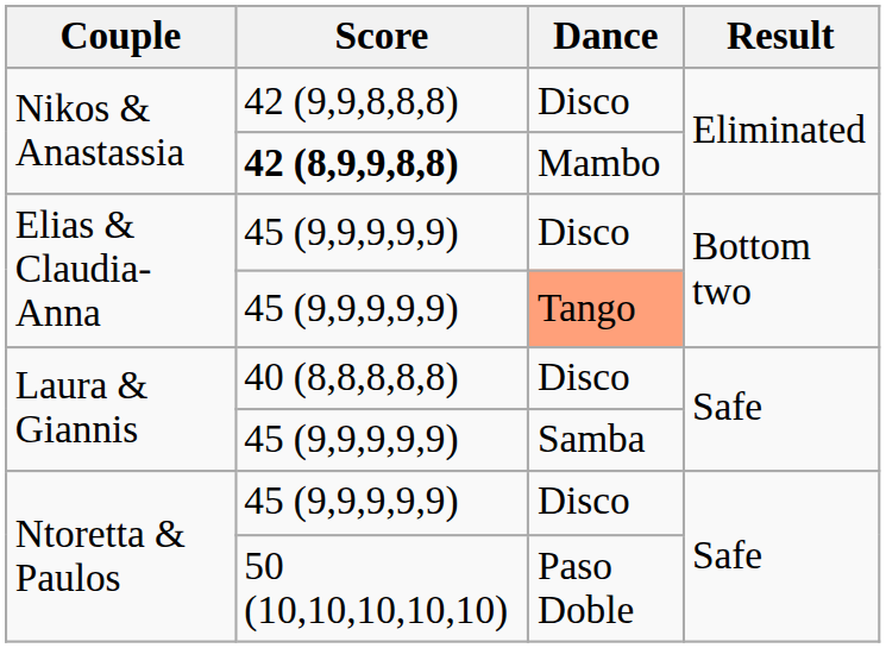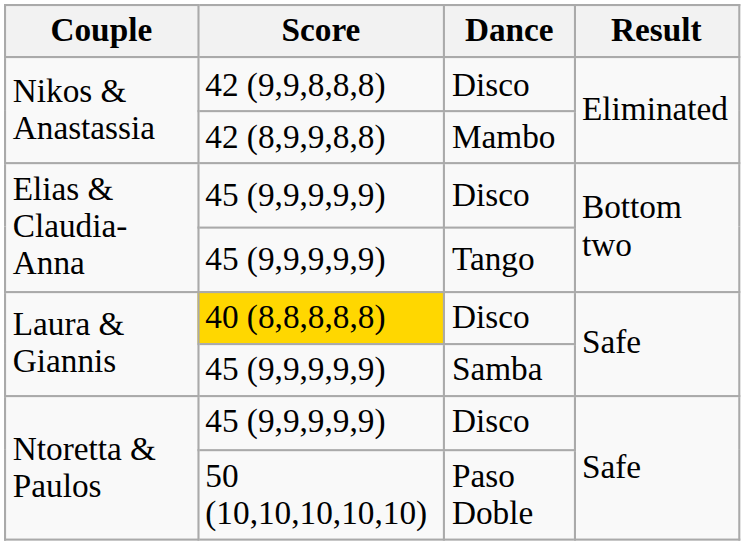 <table class="wikitable" style="width:40%;">
 <tr>
 <th>Couple</th>
 <th>Score</th>
 <th>Dance</th>
 <th>Result</th>
 </tr>
 <tr>
 <td rowspan="2">Nikos & Anastassia</td>
 <td>42 (9,9,8,8,8)</td>
 <td>Disco</td>
 <td rowspan="2">Eliminated</td>
 </tr>
 <tr>
-<td><strong>42 (8,9,9,8,8)</strong></td>
+<td>42 (8,9,9,8,8)</td>
 <td>Mambo</td>
 </tr>
 <tr>
 <td rowspan="2">Elias & Claudia-Anna</td>
 <td>45 (9,9,9,9,9)</td>
 <td>Disco</td>
 <td rowspan="2">Bottom two</td>
 </tr>
 <tr>
 <td>45 (9,9,9,9,9)</td>
-<td style="background: lightsalmon;">Tango</td>
+<td>Tango</td>
 </tr>
 <tr>
 <td rowspan="2">Laura & Giannis</td>
-<td>40 (8,8,8,8,8)</td>
+<td style="background: gold;">40 (8,8,8,8,8)</td>
 <td>Disco</td>
 <td rowspan="2">Safe</td>
 </tr>
 <tr>
 <td>45 (9,9,9,9,9)</td>
 <td>Samba</td>
 </tr>
 <tr>
 <td rowspan="2">Ntoretta & Paulos</td>
 <td>45 (9,9,9,9,9)</td>
 <td>Disco</td>
 <td rowspan="2">Safe</td>
 </tr>
 <tr>
 <td>50 (10,10,10,10,10)</td>
 <td>Paso Doble</td>
 </tr>
 </table>
